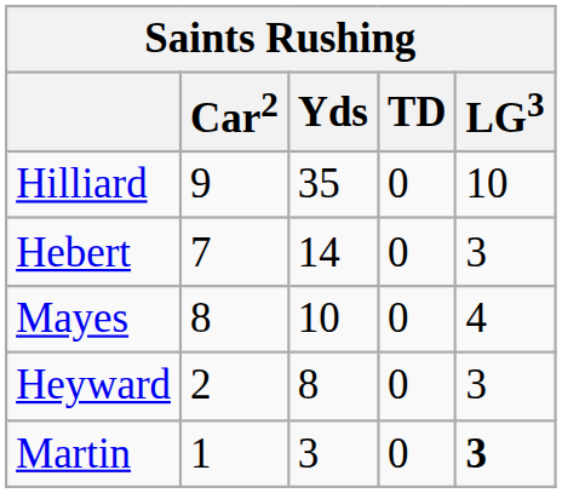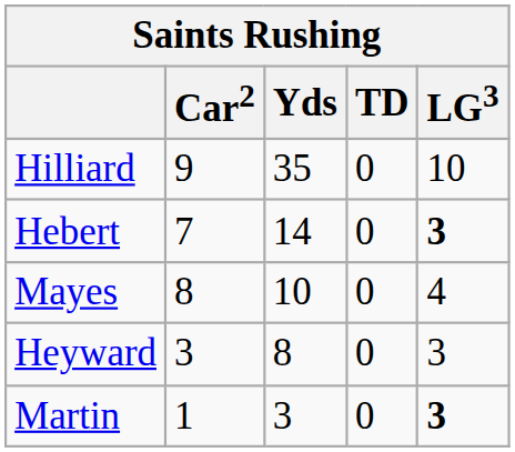 <table class="wikitable">
 <tr>
 <th colspan="5">Saints Rushing</th>
 </tr>
 <tr>
 <th></th>
 <th>Car<sup>2</sup></th>
 <th>Yds</th>
 <th>TD</th>
 <th>LG<sup>3</sup></th>
 </tr>
 <tr>
 <td><a href='#'>Hilliard</a></td>
 <td>9</td>
 <td>35</td>
 <td>0</td>
 <td>10</td>
 </tr>
 <tr>
 <td><a href='#'>Hebert</a></td>
 <td>7</td>
 <td>14</td>
 <td>0</td>
-<td>3</td>
+<td><strong>3</strong></td>
 </tr>
 <tr>
 <td><a href='#'>Mayes</a></td>
 <td>8</td>
 <td>10</td>
 <td>0</td>
 <td>4</td>
 </tr>
 <tr>
 <td><a href='#'>Heyward</a></td>
-<td>2</td>
+<td>3</td>
 <td>8</td>
 <td>0</td>
 <td>3</td>
 </tr>
 <tr>
 <td><a href='#'>Martin</a></td>
 <td>1</td>
 <td>3</td>
 <td>0</td>
 <td><strong>3</strong></td>
 </tr>
 </table>
